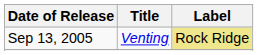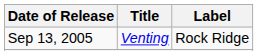 <table class="wikitable" style="font-size: 95%;">
 <tr>
 <th>Date of Release</th>
 <th>Title</th>
 <th>Label</th>
 </tr>
 <tr>
 <td>Sep 13, 2005</td>
 <td><em><a href='#'>Venting</a></em></td>
-<td style="background: khaki;">Rock Ridge</td>
+<td>Rock Ridge</td>
 </tr>
 <tr RIAA Certification:20,000+>
 </tr>
 <tr>
 </tr>
 </table>
